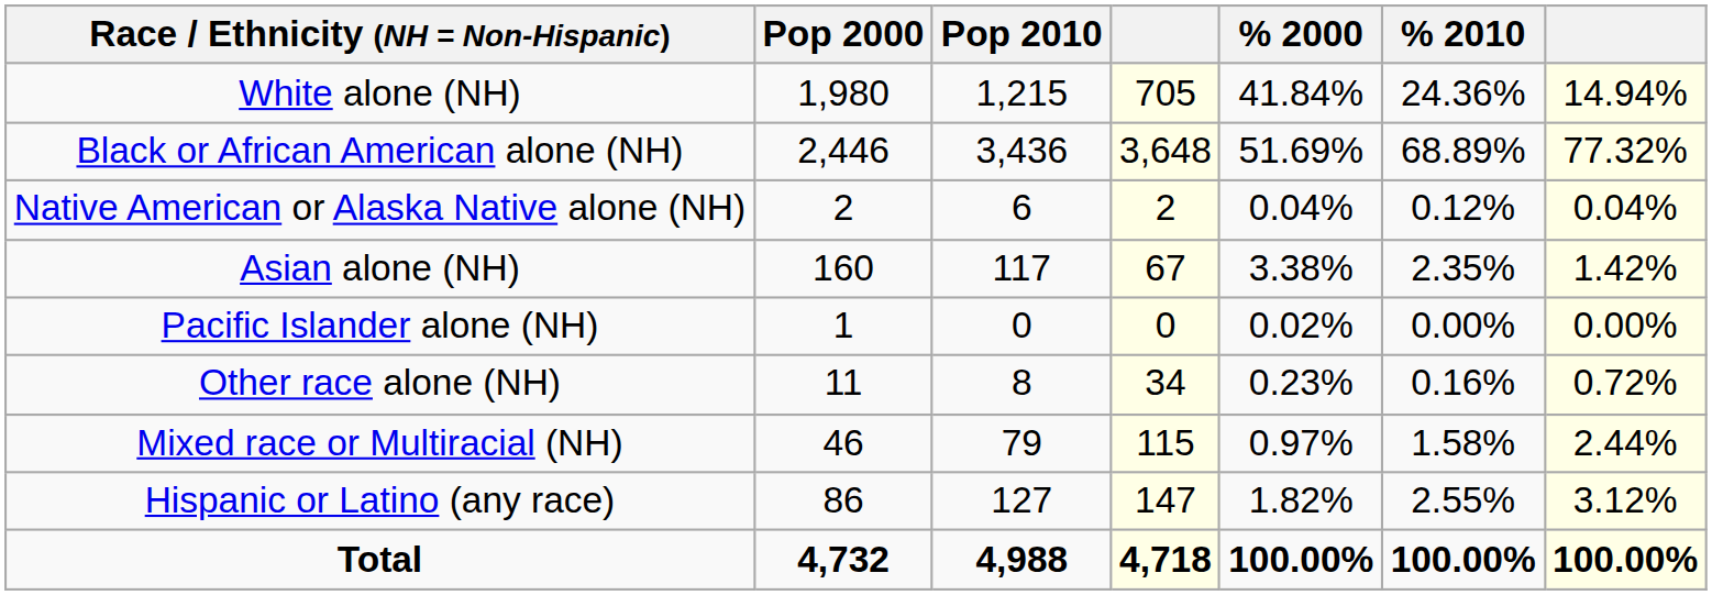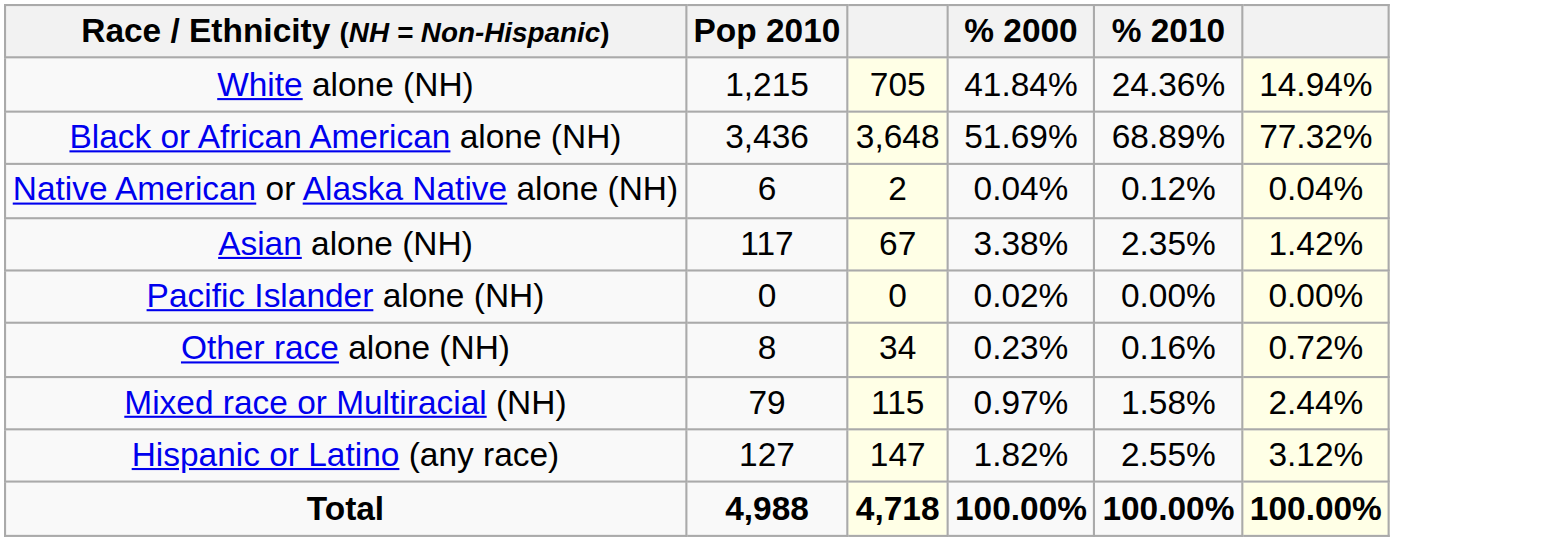 <table class="wikitable" style="text-align:center;">
 <tr>
 <th>Race / Ethnicity <small>(<em>NH = Non-Hispanic</em>)</small></th>
-<th>Pop 2000</th>
 <th>Pop 2010</th>
 <th></th>
 <th>% 2000</th>
 <th>% 2010</th>
 <th></th>
 </tr>
 <tr>
 <td><a href='#'>White</a> alone (NH)</td>
-<td>1,980</td>
 <td>1,215</td>
 <td style='background: #ffffe6;'>705</td>
 <td>41.84%</td>
 <td>24.36%</td>
 <td style='background: #ffffe6;'>14.94%</td>
 </tr>
 <tr>
 <td><a href='#'>Black or African American</a> alone (NH)</td>
-<td>2,446</td>
 <td>3,436</td>
 <td style='background: #ffffe6;'>3,648</td>
 <td>51.69%</td>
 <td>68.89%</td>
 <td style='background: #ffffe6;'>77.32%</td>
 </tr>
 <tr>
 <td><a href='#'>Native American</a> or <a href='#'>Alaska Native</a> alone (NH)</td>
-<td>2</td>
 <td>6</td>
 <td style='background: #ffffe6;'>2</td>
 <td>0.04%</td>
 <td>0.12%</td>
 <td style='background: #ffffe6;'>0.04%</td>
 </tr>
 <tr>
 <td><a href='#'>Asian</a> alone (NH)</td>
-<td>160</td>
 <td>117</td>
 <td style='background: #ffffe6;'>67</td>
 <td>3.38%</td>
 <td>2.35%</td>
 <td style='background: #ffffe6;'>1.42%</td>
 </tr>
 <tr>
 <td><a href='#'>Pacific Islander</a> alone (NH)</td>
-<td>1</td>
 <td>0</td>
 <td style='background: #ffffe6;'>0</td>
 <td>0.02%</td>
 <td>0.00%</td>
 <td style='background: #ffffe6;'>0.00%</td>
 </tr>
 <tr>
 <td><a href='#'>Other race</a> alone (NH)</td>
-<td>11</td>
 <td>8</td>
 <td style='background: #ffffe6;'>34</td>
 <td>0.23%</td>
 <td>0.16%</td>
 <td style='background: #ffffe6;'>0.72%</td>
 </tr>
 <tr>
 <td><a href='#'>Mixed race or Multiracial</a> (NH)</td>
-<td>46</td>
 <td>79</td>
 <td style='background: #ffffe6;'>115</td>
 <td>0.97%</td>
 <td>1.58%</td>
 <td style='background: #ffffe6;'>2.44%</td>
 </tr>
 <tr>
 <td><a href='#'>Hispanic or Latino</a> (any race)</td>
-<td>86</td>
 <td>127</td>
 <td style='background: #ffffe6;'>147</td>
 <td>1.82%</td>
 <td>2.55%</td>
 <td style='background: #ffffe6;'>3.12%</td>
 </tr>
 <tr>
 <td><strong>Total</strong></td>
-<td><strong>4,732</strong></td>
 <td><strong>4,988</strong></td>
 <td style='background: #ffffe6;'><strong>4,718</strong></td>
 <td><strong>100.00%</strong></td>
 <td><strong>100.00%</strong></td>
 <td style='background: #ffffe6;'><strong>100.00%</strong></td>
 </tr>
 </table>
